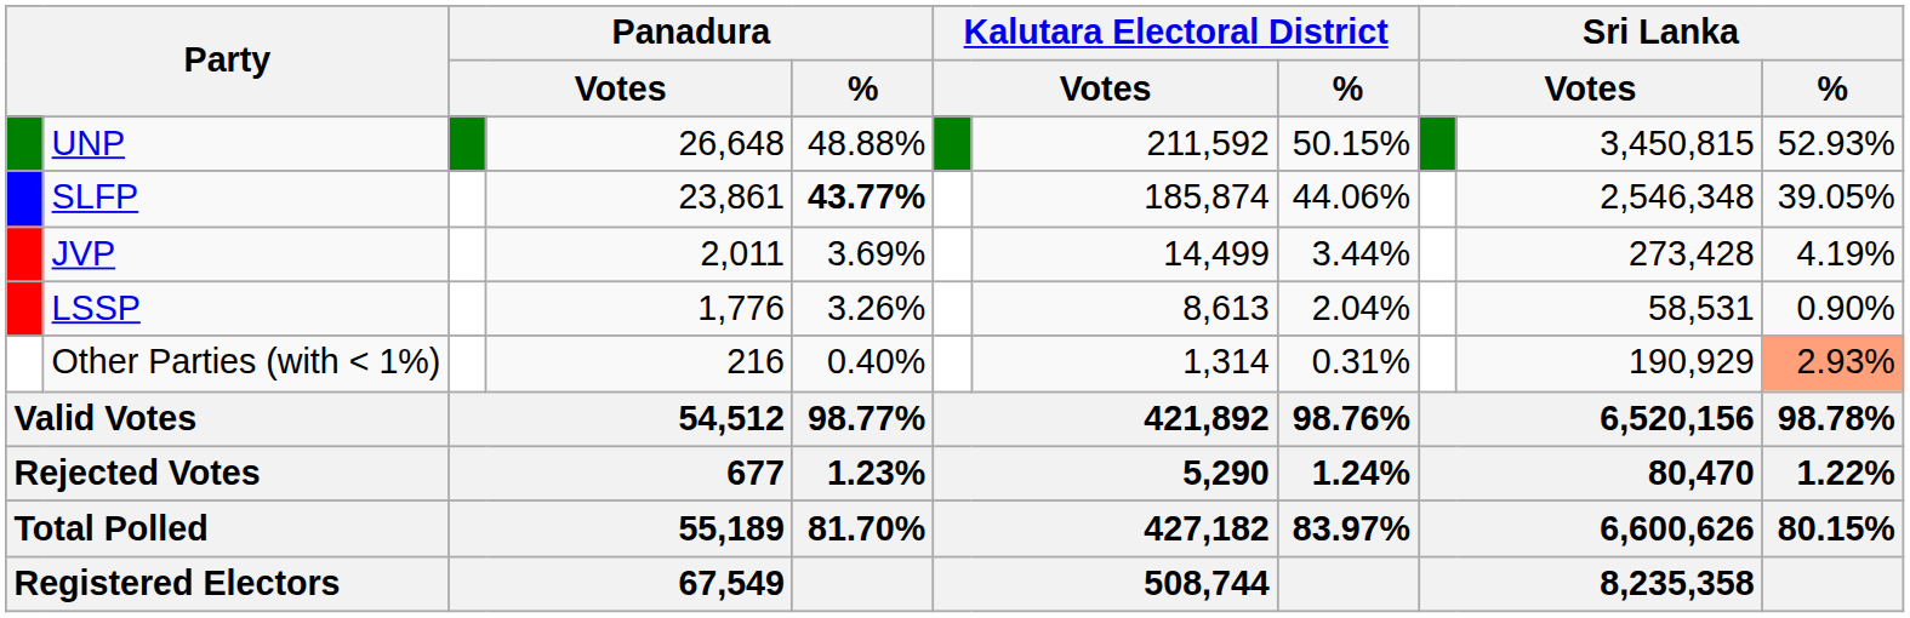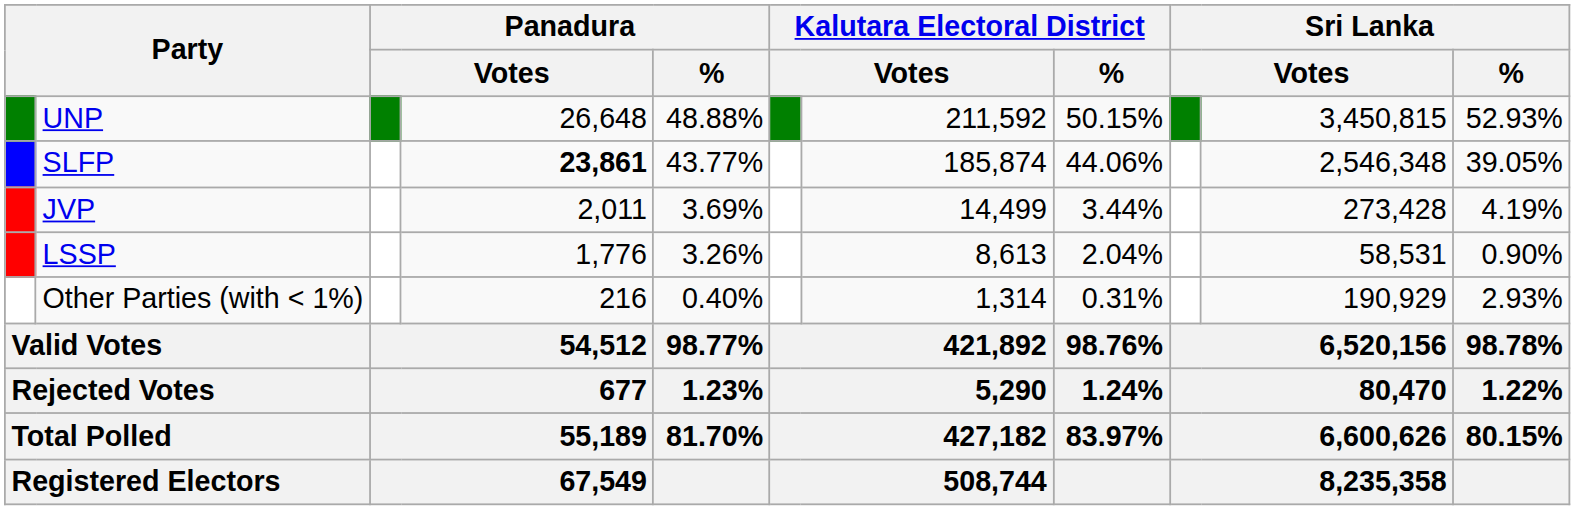 <table class="wikitable">
 <tr>
 <th colspan="2" width="144px"rowspan="2">Party</th>
 <th colspan="3" width="216px">Panadura</th>
 <th colspan="3" width="216px"><a href='#'>Kalutara Electoral District</a></th>
 <th colspan="3" width="216px">Sri Lanka</th>
 </tr>
 <tr>
 <th colspan="2" width="144px">Votes</th>
 <th>%</th>
 <th colspan="2" width="144px">Votes</th>
 <th>%</th>
 <th colspan="2" width="144px">Votes</th>
 <th>%</th>
 </tr>
 <tr>
 <td style="background-color:green;" width="10px"></td>
 <td style="text-align:left;"><a href='#'>UNP</a></td>
 <td style="background-color:green;" width="10px"></td>
 <td style="text-align:right;">26,648</td>
 <td style="text-align:right;">48.88%</td>
 <td style="background-color:green;" width="10px"></td>
 <td style="text-align:right;">211,592</td>
 <td style="text-align:right;">50.15%</td>
 <td style="background-color:green;" width="10px"></td>
 <td style="text-align:right;">3,450,815</td>
 <td style="text-align:right;">52.93%</td>
 </tr>
 <tr>
 <td style="background-color:blue;" width="10px"></td>
 <td style="text-align:left;"><a href='#'>SLFP</a></td>
 <td style="background-color:white;" width="10px"></td>
-<td style="text-align:right;">23,861</td>
-<td style="text-align:right;"><strong>43.77%</strong></td>
+<td style="text-align:right;"><strong>23,861</strong></td>
+<td style="text-align:right;">43.77%</td>
 <td style="background-color:white;" width="10px"></td>
 <td style="text-align:right;">185,874</td>
 <td style="text-align:right;">44.06%</td>
 <td style="background-color:white;" width="10px"></td>
 <td style="text-align:right;">2,546,348</td>
 <td style="text-align:right;">39.05%</td>
 </tr>
 <tr>
 <td style="background-color:red;" width="10px"></td>
 <td style="text-align:left;"><a href='#'>JVP</a></td>
 <td style="background-color:white;" width="10px"></td>
 <td style="text-align:right;">2,011</td>
 <td style="text-align:right;">3.69%</td>
 <td style="background-color:white;" width="10px"></td>
 <td style="text-align:right;">14,499</td>
 <td style="text-align:right;">3.44%</td>
 <td style="background-color:white;" width="10px"></td>
 <td style="text-align:right;">273,428</td>
 <td style="text-align:right;">4.19%</td>
 </tr>
 <tr>
 <td style="background-color:red;" width="10px"></td>
 <td style="text-align:left;"><a href='#'>LSSP</a></td>
 <td style="background-color:white;" width="10px"></td>
 <td style="text-align:right;">1,776</td>
 <td style="text-align:right;">3.26%</td>
 <td style="background-color:white;" width="10px"></td>
 <td style="text-align:right;">8,613</td>
 <td style="text-align:right;">2.04%</td>
 <td style="background-color:white;" width="10px"></td>
 <td style="text-align:right;">58,531</td>
 <td style="text-align:right;">0.90%</td>
 </tr>
 <tr>
 <td style="background-color:white;" width="10px"></td>
 <td style="text-align:left;">Other Parties (with < 1%)</td>
 <td style="background-color:white;" width="10px"></td>
 <td style="text-align:right;">216</td>
 <td style="text-align:right;">0.40%</td>
 <td style="background-color:white;" width="10px"></td>
 <td style="text-align:right;">1,314</td>
 <td style="text-align:right;">0.31%</td>
 <td style="background-color:white;" width="10px"></td>
 <td style="text-align:right;">190,929</td>
-<td style="background: lightsalmon; text-align:right;">2.93%</td>
+<td style="text-align:right;">2.93%</td>
 </tr>
 <tr>
 <th colspan="2" width="144px"style="text-align:left;">Valid Votes</th>
 <th style="text-align:right;"colspan="2" width="144px">54,512</th>
 <th style="text-align:right;">98.77%</th>
 <th style="text-align:right;"colspan="2" width="144px">421,892</th>
 <th style="text-align:right;">98.76%</th>
 <th style="text-align:right;"colspan="2" width="144px">6,520,156</th>
 <th style="text-align:right;">98.78%</th>
 </tr>
 <tr>
 <th colspan="2" width="144px"style="text-align:left;">Rejected Votes</th>
 <th style="text-align:right;"colspan="2" width="144px">677</th>
 <th style="text-align:right;">1.23%</th>
 <th style="text-align:right;"colspan="2" width="144px">5,290</th>
 <th style="text-align:right;">1.24%</th>
 <th style="text-align:right;"colspan="2" width="144px">80,470</th>
 <th style="text-align:right;">1.22%</th>
 </tr>
 <tr>
 <th colspan="2" width="144px"style="text-align:left;">Total Polled</th>
 <th style="text-align:right;"colspan="2" width="144px">55,189</th>
 <th style="text-align:right;">81.70%</th>
 <th style="text-align:right;"colspan="2" width="144px">427,182</th>
 <th style="text-align:right;">83.97%</th>
 <th style="text-align:right;"colspan="2" width="144px">6,600,626</th>
 <th style="text-align:right;">80.15%</th>
 </tr>
 <tr>
 <th colspan="2" width="144px"style="text-align:left;">Registered Electors</th>
 <th style="text-align:right;"colspan="2" width="144px">67,549</th>
 <th></th>
 <th style="text-align:right;"colspan="2" width="144px">508,744</th>
 <th></th>
 <th style="text-align:right;"colspan="2" width="144px">8,235,358</th>
 <th></th>
 </tr>
 </table>
